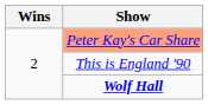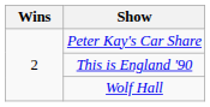 <table class="wikitable floatleft" style="text-align:center;">
 <tr>
 <th scope="col" style="width:55px;">Wins</th>
 <th scope="col" style="text-align:center;">Show</th>
 </tr>
 <tr>
 <td scope=row rowspan=5 style="text-align:center">2</td>
-<td style="background: lightsalmon;"><em><a href='#'>Peter Kay's Car Share</a></em></td>
+<td><em><a href='#'>Peter Kay's Car Share</a></em></td>
 </tr>
 <tr>
 <td><em><a href='#'>This is England '90</a></em></td>
 </tr>
 <tr>
-<td><strong><em><a href='#'>Wolf Hall</a></em></strong></td>
+<td><em><a href='#'>Wolf Hall</a></em></td>
 </tr>
 </table>
